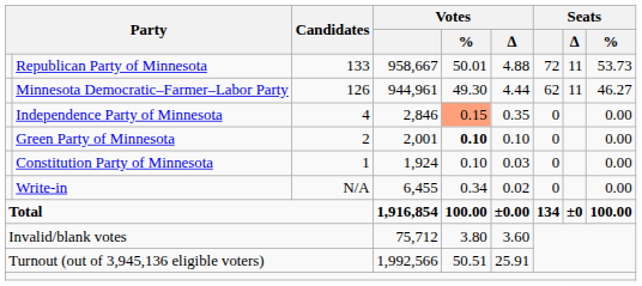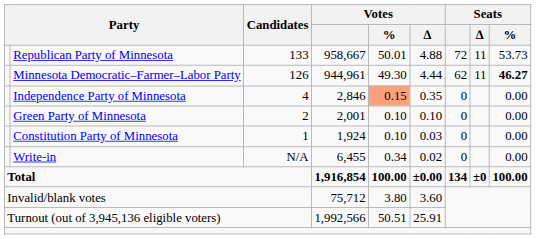 <table class="wikitable">
 <tr>
 <th rowspan="2" colspan="2">Party</th>
 <th rowspan="2">Candidates</th>
 <th colspan="3">Votes</th>
 <th colspan="3">Seats</th>
 </tr>
 <tr>
 <th></th>
 <th>%</th>
 <th>∆</th>
 <th></th>
 <th>∆</th>
 <th>%</th>
 </tr>
 <tr>
 <td style="background-color:"></td>
 <td><a href='#'>Republican Party of Minnesota</a></td>
 <td align="right">133</td>
 <td align="right">958,667</td>
 <td align="right">50.01</td>
 <td align="right">4.88</td>
 <td align="right">72</td>
 <td align="right">11</td>
 <td align="right">53.73</td>
 </tr>
 <tr>
 <td style="background-color:"></td>
 <td><a href='#'>Minnesota Democratic–Farmer–Labor Party</a></td>
 <td align="right">126</td>
 <td align="right">944,961</td>
 <td align="right">49.30</td>
 <td align="right">4.44</td>
 <td align="right">62</td>
 <td align="right">11</td>
-<td align="right">46.27</td>
+<td align="right"><strong>46.27</strong></td>
 </tr>
 <tr>
 <td style="background-color:"></td>
 <td><a href='#'>Independence Party of Minnesota</a></td>
 <td align="right">4</td>
 <td align="right">2,846</td>
 <td align="right" style="background: lightsalmon;">0.15</td>
 <td align="right">0.35</td>
 <td align="right">0</td>
 <td align="right"></td>
 <td align="right">0.00</td>
 </tr>
 <tr>
 <td style="background-color:"></td>
 <td><a href='#'>Green Party of Minnesota</a></td>
 <td align="right">2</td>
 <td align="right">2,001</td>
-<td align="right"><strong>0.10</strong></td>
+<td align="right">0.10</td>
 <td align="right">0.10</td>
 <td align="right">0</td>
 <td align="right"></td>
 <td align="right">0.00</td>
 </tr>
 <tr>
 <td style="background-color:"></td>
 <td><a href='#'>Constitution Party of Minnesota</a></td>
 <td align="right">1</td>
 <td align="right">1,924</td>
 <td align="right">0.10</td>
 <td align="right">0.03</td>
 <td align="right">0</td>
 <td align="right"></td>
 <td align="right">0.00</td>
 </tr>
 <tr>
 <td style="background-color:"></td>
 <td><a href='#'>Write-in</a></td>
 <td align="right">N/A</td>
 <td align="right">6,455</td>
 <td align="right">0.34</td>
 <td align="right">0.02</td>
 <td align="right">0</td>
 <td align="right"></td>
 <td align="right">0.00</td>
 </tr>
 <tr>
 <td colspan="3" align="left"><strong>Total</strong></td>
 <td align="right"><strong>1,916,854</strong></td>
 <td align="right"><strong>100.00</strong></td>
 <td align="right"><strong>±0.00</strong></td>
 <td align="right"><strong>134</strong></td>
 <td align="right"><strong>±0</strong></td>
 <td align="right"><strong>100.00</strong></td>
 </tr>
 <tr>
 <td colspan="3" align="left">Invalid/blank votes</td>
 <td colspan="1" align="right">75,712</td>
 <td colspan="1" align="right">3.80</td>
 <td colspan="1" align="right">3.60</td>
 <td rowspan="2" colspan="3"></td>
 </tr>
 <tr>
 <td colspan="3" align="left">Turnout (out of 3,945,136 eligible voters)</td>
 <td colspan="1" align="right">1,992,566</td>
 <td colspan="1" align="right">50.51</td>
 <td colspan="1" align="right">25.91</td>
 </tr>
 <tr>
 <td colspan="9"></td>
 </tr>
 </table>
